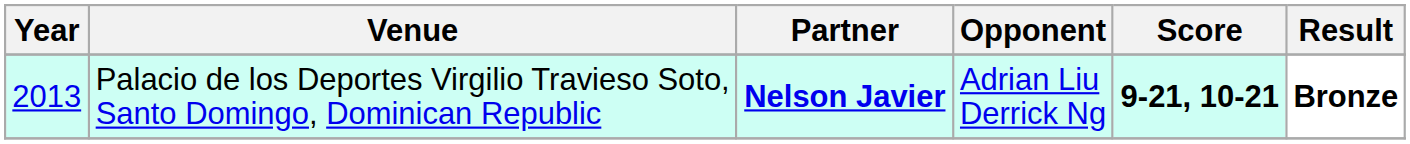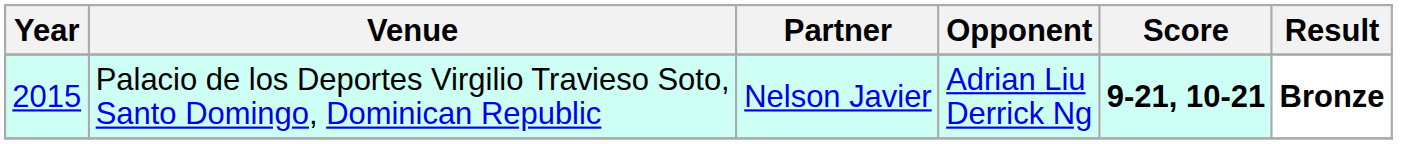 <table class="sortable wikitable" style="font-size: 90%;">
 <tr>
 <th>Year</th>
 <th>Venue</th>
 <th>Partner</th>
 <th>Opponent</th>
 <th>Score</th>
 <th>Result</th>
 </tr>
 <tr>
 </tr>
 <tr style="background:#CDFFF4">
-<td align="center"><a href='#'>2013</a></td>
+<td align="center"><a href='#'>2015</a></td>
 <td align="left">Palacio de los Deportes Virgilio Travieso Soto,<br> <a href='#'>Santo Domingo</a>, <a href='#'>Dominican Republic</a></td>
-<td align="left"><strong> <a href='#'>Nelson Javier</a></strong></td>
+<td align="left"> <a href='#'>Nelson Javier</a></td>
 <td align="left"> <a href='#'>Adrian Liu</a><br> <a href='#'>Derrick Ng</a></td>
 <td align="center"><strong>9-21, 10-21</strong></td>
 <td style="text-align:left; background:white"> <strong>Bronze</strong></td>
 </tr>
 <tr>
 </tr>
 </table>
